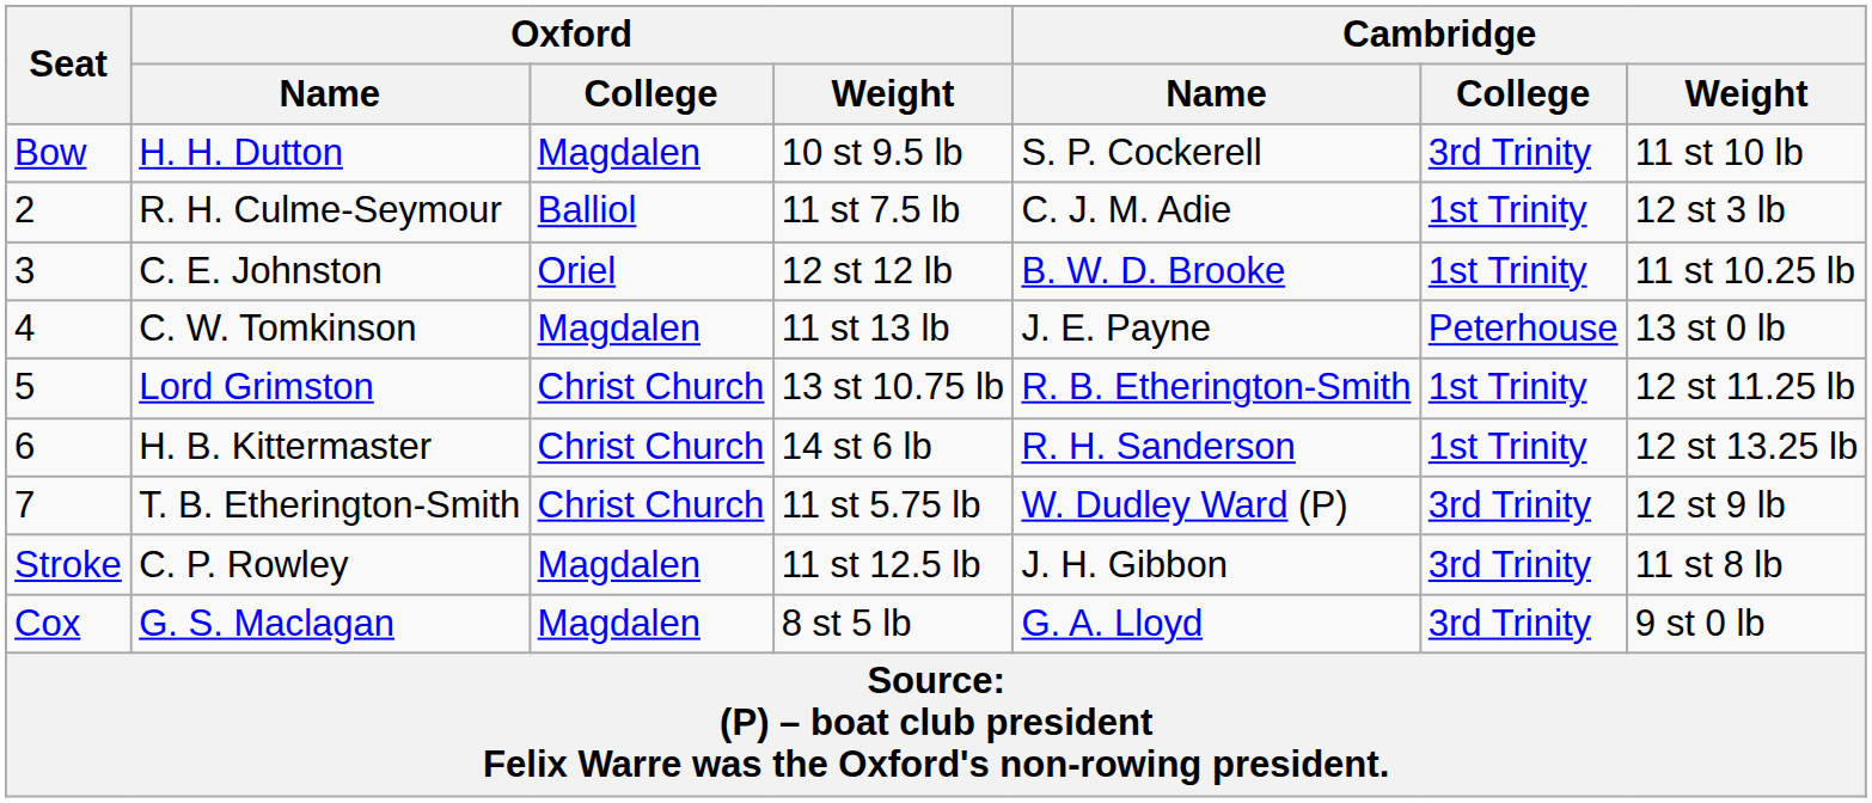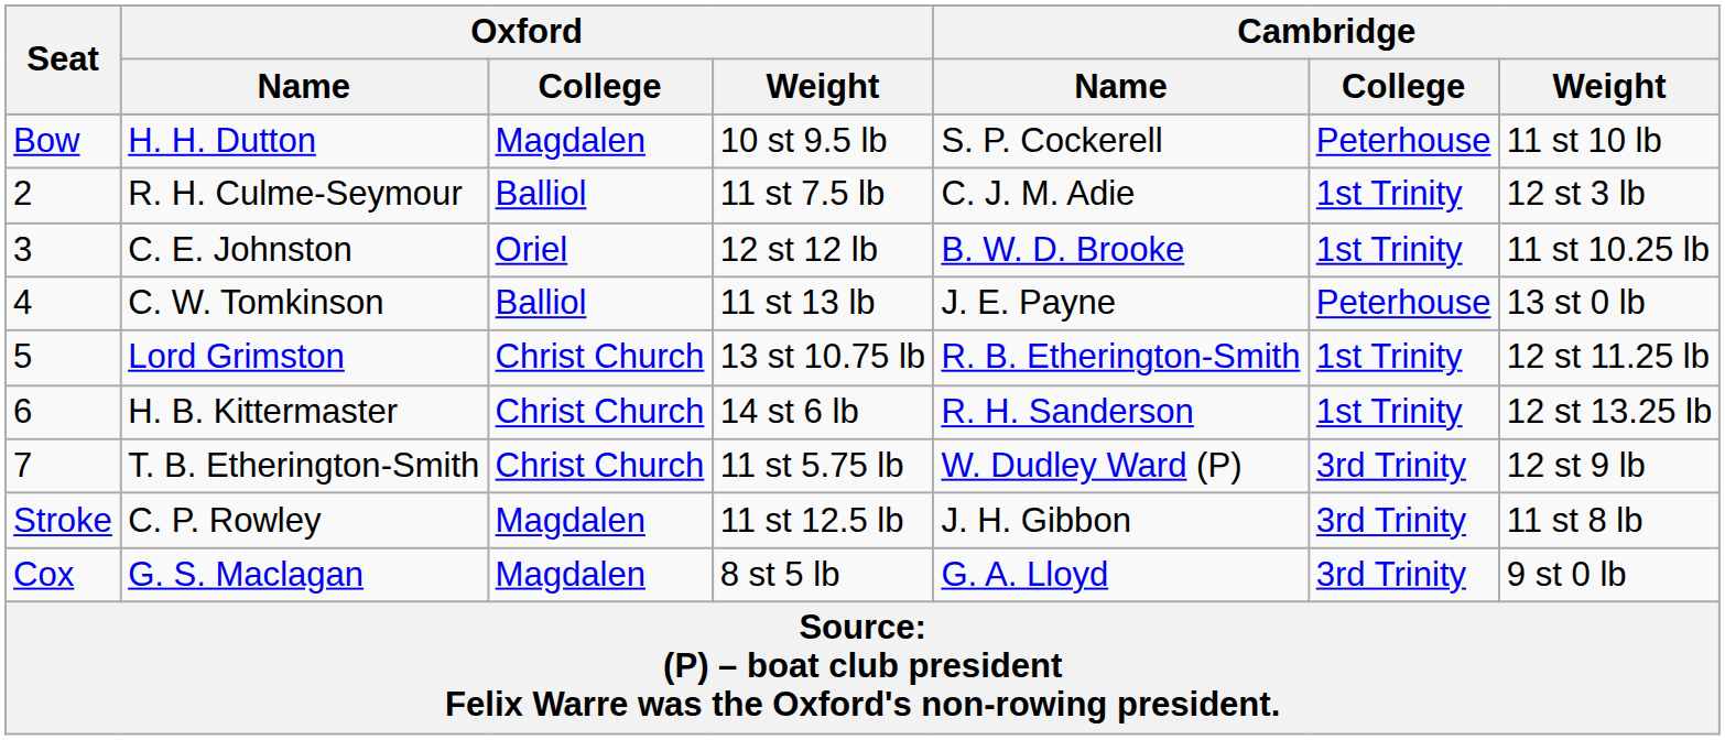 <table class="wikitable">
 <tr>
 <th rowspan="2" scope="col">Seat</th>
 <th colspan="3" scope="col">Oxford <br> </th>
 <th colspan="3" scope="col">Cambridge <br> </th>
 </tr>
 <tr>
 <th>Name</th>
 <th>College</th>
 <th>Weight</th>
 <th>Name</th>
 <th>College</th>
 <th>Weight</th>
 </tr>
 <tr>
 <td><a href='#'>Bow</a></td>
 <td><a href='#'>H. H. Dutton</a></td>
 <td><a href='#'>Magdalen</a></td>
 <td>10 st 9.5 lb</td>
 <td>S. P. Cockerell</td>
-<td><a href='#'>3rd Trinity</a></td>
+<td><a href='#'>Peterhouse</a></td>
 <td>11 st 10 lb</td>
 </tr>
 <tr>
 <td>2</td>
 <td>R. H. Culme-Seymour</td>
 <td><a href='#'>Balliol</a></td>
 <td>11 st 7.5 lb</td>
 <td>C. J. M. Adie</td>
 <td><a href='#'>1st Trinity</a></td>
 <td>12 st 3 lb</td>
 </tr>
 <tr>
 <td>3</td>
 <td>C. E. Johnston</td>
 <td><a href='#'>Oriel</a></td>
 <td>12 st 12 lb</td>
 <td><a href='#'>B. W. D. Brooke</a></td>
 <td><a href='#'>1st Trinity</a></td>
 <td>11 st 10.25 lb</td>
 </tr>
 <tr>
 <td>4</td>
 <td>C. W. Tomkinson</td>
-<td><a href='#'>Magdalen</a></td>
+<td><a href='#'>Balliol</a></td>
 <td>11 st 13 lb</td>
 <td>J. E. Payne</td>
 <td><a href='#'>Peterhouse</a></td>
 <td>13 st 0 lb</td>
 </tr>
 <tr>
 <td>5</td>
 <td><a href='#'>Lord Grimston</a></td>
 <td><a href='#'>Christ Church</a></td>
 <td>13 st 10.75 lb</td>
 <td><a href='#'>R. B. Etherington-Smith</a></td>
 <td><a href='#'>1st Trinity</a></td>
 <td>12 st 11.25 lb</td>
 </tr>
 <tr>
 <td>6</td>
 <td>H. B. Kittermaster</td>
 <td><a href='#'>Christ Church</a></td>
 <td>14 st 6 lb</td>
 <td><a href='#'>R. H. Sanderson</a></td>
 <td><a href='#'>1st Trinity</a></td>
 <td>12 st 13.25 lb</td>
 </tr>
 <tr>
 <td>7</td>
 <td>T. B. Etherington-Smith</td>
 <td><a href='#'>Christ Church</a></td>
 <td>11 st 5.75 lb</td>
 <td><a href='#'>W. Dudley Ward</a> (P)</td>
 <td><a href='#'>3rd Trinity</a></td>
 <td>12 st 9 lb</td>
 </tr>
 <tr>
 <td><a href='#'>Stroke</a></td>
 <td>C. P. Rowley</td>
 <td><a href='#'>Magdalen</a></td>
 <td>11 st 12.5 lb</td>
 <td>J. H. Gibbon</td>
 <td><a href='#'>3rd Trinity</a></td>
 <td>11 st 8 lb</td>
 </tr>
 <tr>
 <td><a href='#'>Cox</a></td>
 <td><a href='#'>G. S. Maclagan</a></td>
 <td><a href='#'>Magdalen</a></td>
 <td>8 st 5 lb</td>
 <td><a href='#'>G. A. Lloyd</a></td>
 <td><a href='#'>3rd Trinity</a></td>
 <td>9 st 0 lb</td>
 </tr>
 <tr>
 <th colspan="7">Source:<br>(P) – boat club president<br>Felix Warre was the Oxford's non-rowing president.</th>
 </tr>
 </table>
